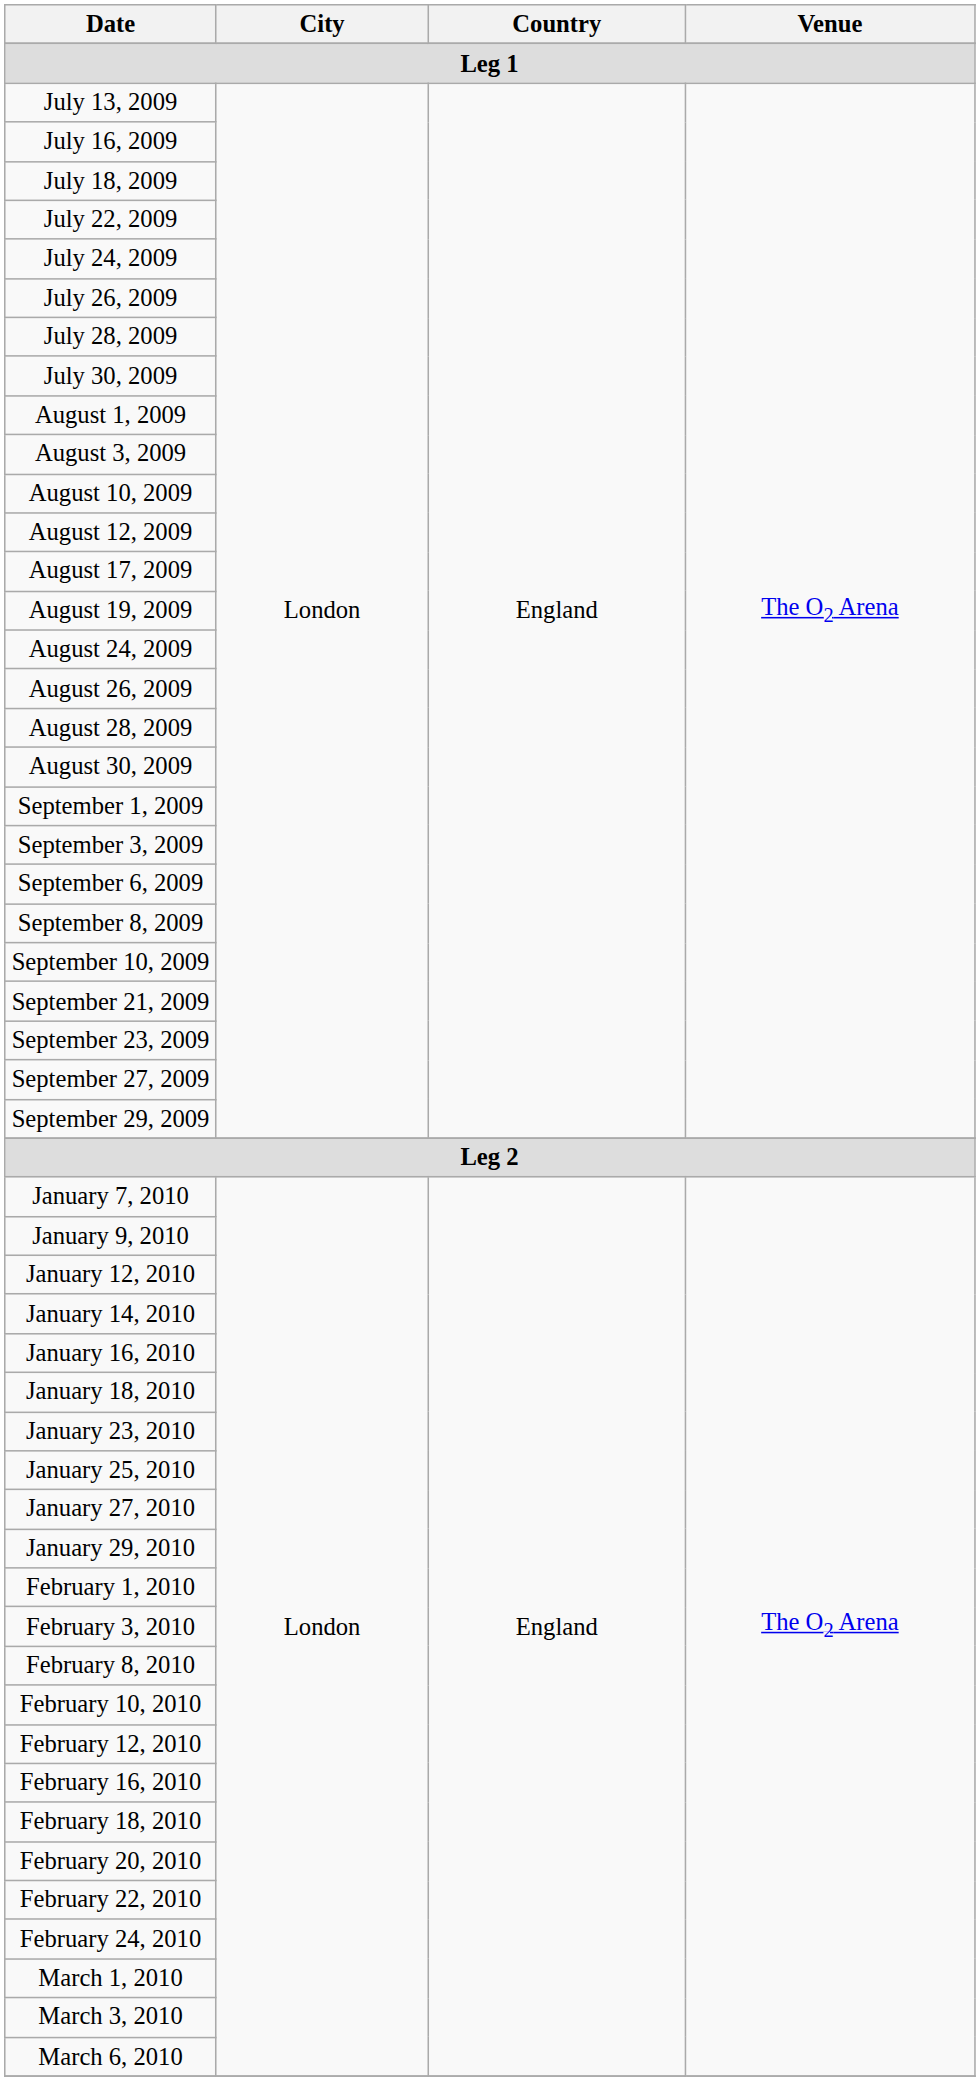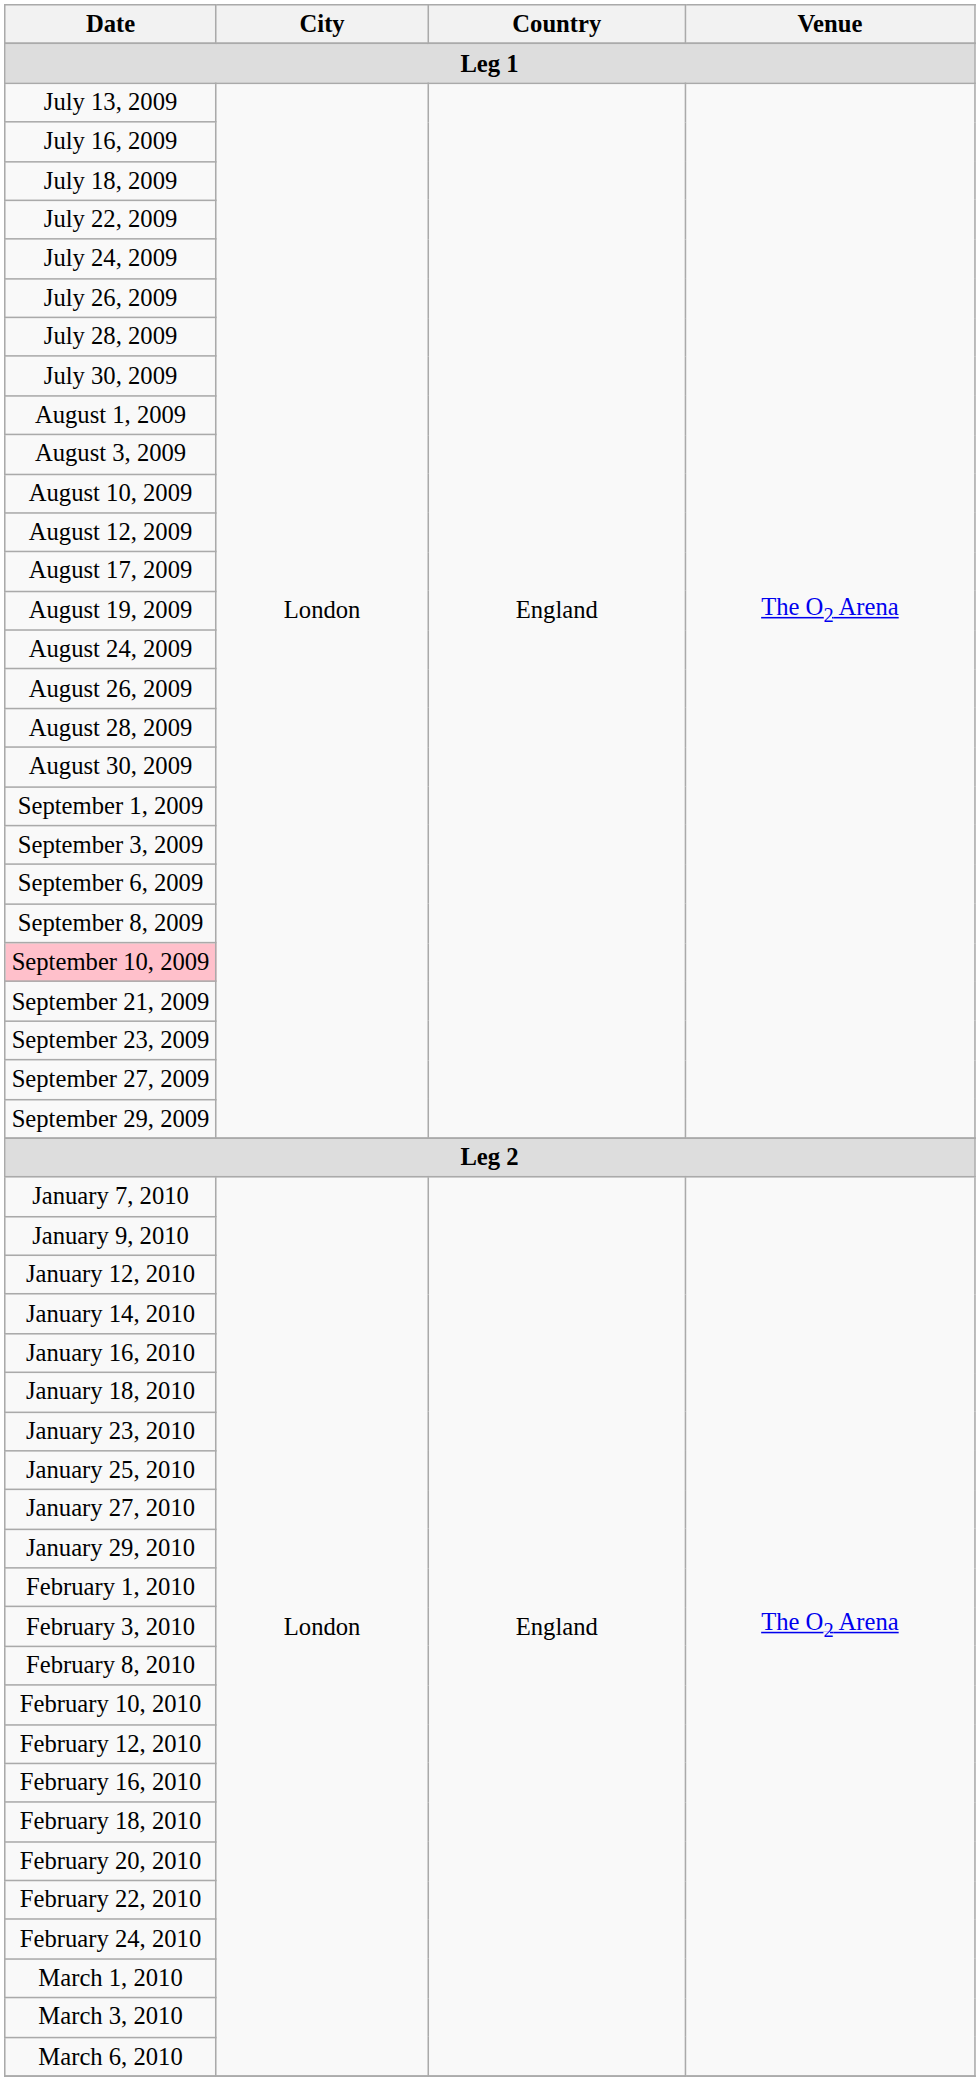 <table class="wikitable" style="text-align:center;">
 <tr>
 <th style="width:130px;">Date</th>
 <th style="width:130px;">City</th>
 <th style="width:160px;">Country</th>
 <th style="width:180px;">Venue</th>
 </tr>
 <tr>
 </tr>
 <tr style="background:#ddd;">
 <td colspan="4"><strong>Leg 1</strong></td>
 </tr>
 <tr>
 <td>July 13, 2009</td>
 <td rowspan="27">London</td>
 <td rowspan="27">England</td>
 <td rowspan="27"><a href='#'>The O<sub>2</sub> Arena</a></td>
 </tr>
 <tr>
 <td>July 16, 2009</td>
 </tr>
 <tr>
 <td>July 18, 2009</td>
 </tr>
 <tr>
 <td>July 22, 2009</td>
 </tr>
 <tr>
 <td>July 24, 2009</td>
 </tr>
 <tr>
 <td>July 26, 2009</td>
 </tr>
 <tr>
 <td>July 28, 2009</td>
 </tr>
 <tr>
 <td>July 30, 2009</td>
 </tr>
 <tr>
 <td>August 1, 2009</td>
 </tr>
 <tr>
 <td>August 3, 2009</td>
 </tr>
 <tr>
 <td>August 10, 2009</td>
 </tr>
 <tr>
 <td>August 12, 2009</td>
 </tr>
 <tr>
 <td>August 17, 2009</td>
 </tr>
 <tr>
 <td>August 19, 2009</td>
 </tr>
 <tr>
 <td>August 24, 2009</td>
 </tr>
 <tr>
 <td>August 26, 2009</td>
 </tr>
 <tr>
 <td>August 28, 2009</td>
 </tr>
 <tr>
 <td>August 30, 2009</td>
 </tr>
 <tr>
 <td>September 1, 2009</td>
 </tr>
 <tr>
 <td>September 3, 2009</td>
 </tr>
 <tr>
 <td>September 6, 2009</td>
 </tr>
 <tr>
 <td>September 8, 2009</td>
 </tr>
 <tr>
-<td>September 10, 2009</td>
+<td style="background: pink;">September 10, 2009</td>
 </tr>
 <tr>
 <td>September 21, 2009</td>
 </tr>
 <tr>
 <td>September 23, 2009</td>
 </tr>
 <tr>
 <td>September 27, 2009</td>
 </tr>
 <tr>
 <td>September 29, 2009</td>
 </tr>
 <tr>
 </tr>
 <tr style="background:#ddd;">
 <td colspan="4"><strong>Leg 2</strong></td>
 </tr>
 <tr>
 <td>January 7, 2010</td>
 <td rowspan="23">London</td>
 <td rowspan="23">England</td>
 <td rowspan="23"><a href='#'>The O<sub>2</sub> Arena</a></td>
 </tr>
 <tr>
 <td>January 9, 2010</td>
 </tr>
 <tr>
 <td>January 12, 2010</td>
 </tr>
 <tr>
 <td>January 14, 2010</td>
 </tr>
 <tr>
 <td>January 16, 2010</td>
 </tr>
 <tr>
 <td>January 18, 2010</td>
 </tr>
 <tr>
 <td>January 23, 2010</td>
 </tr>
 <tr>
 <td>January 25, 2010</td>
 </tr>
 <tr>
 <td>January 27, 2010</td>
 </tr>
 <tr>
 <td>January 29, 2010</td>
 </tr>
 <tr>
 <td>February 1, 2010</td>
 </tr>
 <tr>
 <td>February 3, 2010</td>
 </tr>
 <tr>
 <td>February 8, 2010</td>
 </tr>
 <tr>
 <td>February 10, 2010</td>
 </tr>
 <tr>
 <td>February 12, 2010</td>
 </tr>
 <tr>
 <td>February 16, 2010</td>
 </tr>
 <tr>
 <td>February 18, 2010</td>
 </tr>
 <tr>
 <td>February 20, 2010</td>
 </tr>
 <tr>
 <td>February 22, 2010</td>
 </tr>
 <tr>
 <td>February 24, 2010</td>
 </tr>
 <tr>
 <td>March 1, 2010</td>
 </tr>
 <tr>
 <td>March 3, 2010</td>
 </tr>
 <tr>
 <td>March 6, 2010</td>
 </tr>
 <tr>
 </tr>
 </table>
